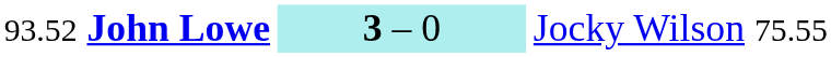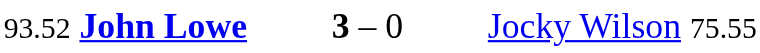 <table style="text-align:center">
 <tr>
 <th width=223></th>
 <th width=100></th>
 <th width=223></th>
 </tr>
 <tr>
 <td align=right><small>93.52</small> <strong><a href='#'>John Lowe</a></strong> </td>
-<td style="background: paleturquoise;"><strong>3</strong> – 0</td>
+<td><strong>3</strong> – 0</td>
 <td align=left> <a href='#'>Jocky Wilson</a> <small>75.55</small></td>
 </tr>
 </table>
